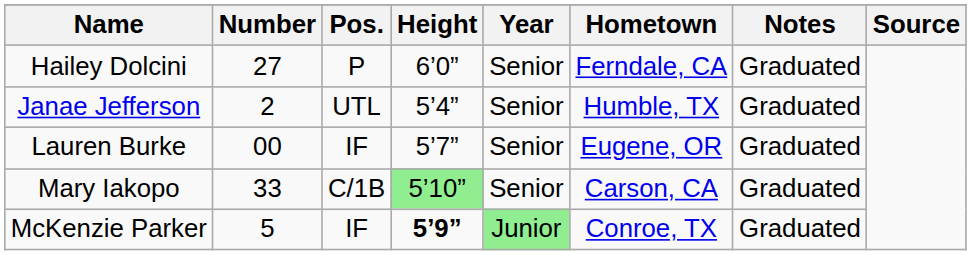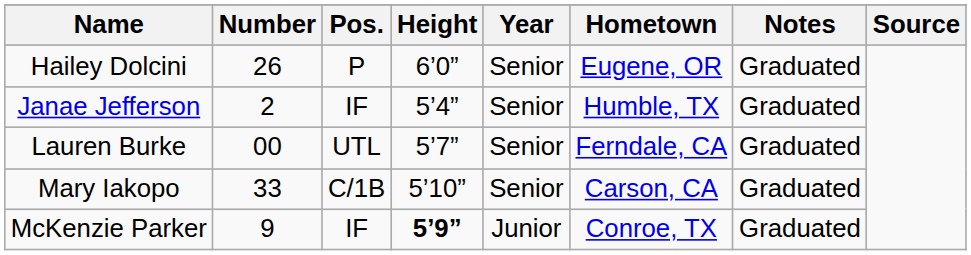 <table class="wikitable sortable collapsible">
 <tr>
 </tr>
 <tr>
 <th style="text-align:center; ">Name</th>
 <th style="text-align:center; ">Number</th>
 <th style="text-align:center; ">Pos.</th>
 <th style="text-align:center; ">Height</th>
 <th style="text-align:center; ">Year</th>
 <th style="text-align:center; ">Hometown</th>
 <th style="text-align:center; ">Notes</th>
 <th style="text-align:center; ">Source</th>
 </tr>
 <tr align="center">
 <td>Hailey Dolcini</td>
-<td>27</td>
+<td>26</td>
 <td>P</td>
 <td>6’0”</td>
 <td>Senior</td>
-<td><a href='#'>Ferndale, CA</a></td>
+<td><a href='#'>Eugene, OR</a></td>
 <td>Graduated</td>
 <td rowspan="5"></td>
 </tr>
 <tr align="center">
 <td><a href='#'>Janae Jefferson</a></td>
 <td>2</td>
-<td>UTL</td>
+<td>IF</td>
 <td>5’4”</td>
 <td>Senior</td>
 <td><a href='#'>Humble, TX</a></td>
 <td>Graduated</td>
 </tr>
 <tr align="center">
 <td>Lauren Burke</td>
 <td>00</td>
-<td>IF</td>
+<td>UTL</td>
 <td>5’7”</td>
 <td>Senior</td>
-<td><a href='#'>Eugene, OR</a></td>
+<td><a href='#'>Ferndale, CA</a></td>
 <td>Graduated</td>
 </tr>
 <tr align="center">
 <td>Mary Iakopo</td>
 <td>33</td>
 <td>C/1B</td>
-<td style="background: lightgreen;">5’10”</td>
+<td>5’10”</td>
 <td>Senior</td>
 <td><a href='#'>Carson, CA</a></td>
 <td>Graduated</td>
 </tr>
 <tr align="center">
 <td>McKenzie Parker</td>
-<td>5</td>
+<td>9</td>
 <td>IF</td>
 <td><strong>5’9”</strong></td>
-<td style="background: lightgreen;">Junior</td>
+<td>Junior</td>
 <td><a href='#'>Conroe, TX</a></td>
 <td>Graduated</td>
 </tr>
 </table>
